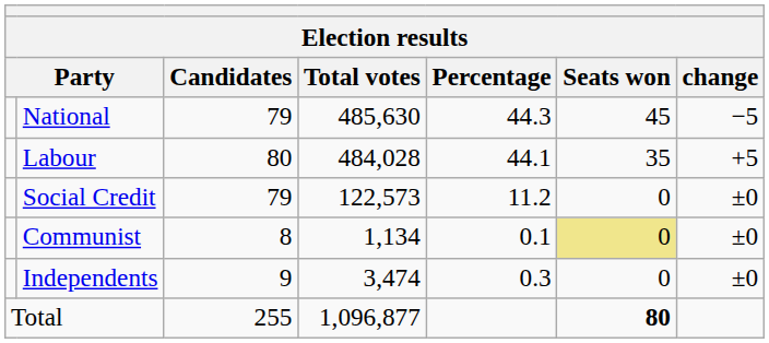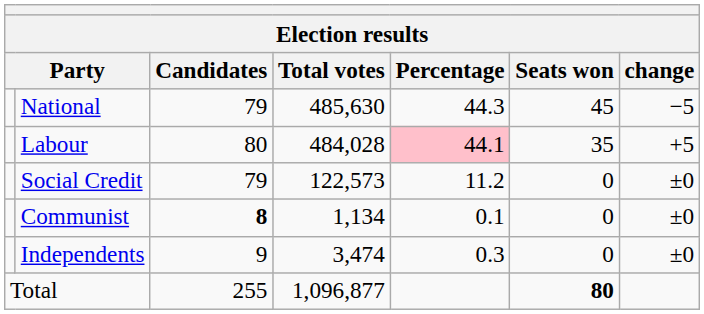 <table class="wikitable" style="text-align:right">
 <tr>
 <th colspan=7></th>
 </tr>
 <tr>
 <th colspan=7>Election results</th>
 </tr>
 <tr>
 <th colspan=2>Party</th>
 <th>Candidates</th>
 <th>Total votes</th>
 <th>Percentage</th>
 <th>Seats won</th>
 <th>change</th>
 </tr>
 <tr align=right>
 <td></td>
 <td align=left><a href='#'>National</a></td>
 <td>79</td>
 <td>485,630</td>
 <td>44.3</td>
 <td>45</td>
 <td>−5</td>
 </tr>
 <tr align=right>
 <td></td>
 <td align=left><a href='#'>Labour</a></td>
 <td>80</td>
 <td>484,028</td>
-<td>44.1</td>
+<td style="background: pink;">44.1</td>
 <td>35</td>
 <td>+5</td>
 </tr>
 <tr align=right>
 <td></td>
 <td align=left><a href='#'>Social Credit</a></td>
 <td>79</td>
 <td>122,573</td>
 <td>11.2</td>
 <td>0</td>
 <td>±0</td>
 </tr>
 <tr align=right>
 <td></td>
 <td align=left><a href='#'>Communist</a></td>
-<td>8</td>
+<td><strong>8</strong></td>
 <td>1,134</td>
 <td>0.1</td>
-<td style="background: khaki;">0</td>
+<td>0</td>
 <td>±0</td>
 </tr>
 <tr align=right>
 <td></td>
 <td align=left><a href='#'>Independents</a></td>
 <td>9</td>
 <td>3,474</td>
 <td>0.3</td>
 <td>0</td>
 <td>±0</td>
 </tr>
 <tr bgcolor=>
 <td colspan=2 align=left>Total</td>
 <td>255</td>
 <td>1,096,877</td>
 <td></td>
 <td><strong>80</strong></td>
 <td></td>
 </tr>
 </table>
